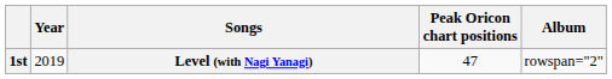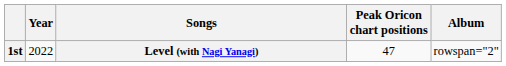 <table class="wikitable" style="font-size:small">
 <tr>
 <th rowspan="1"></th>
 <th rowspan="1">Year</th>
 <th rowspan="1" width="300">Songs</th>
 <th colspan="1">Peak Oricon<br> chart positions</th>
 <th rowspan="1">Album</th>
 </tr>
 <tr>
 <th>1st</th>
-<td>2019</td>
+<td>2022</td>
 <th align="left">Level <small>(with <a href='#'>Nagi Yanagi</a>)</small></th>
 <td align="center">47</td>
 <td>rowspan="2" </td>
 </tr>
 </table>
